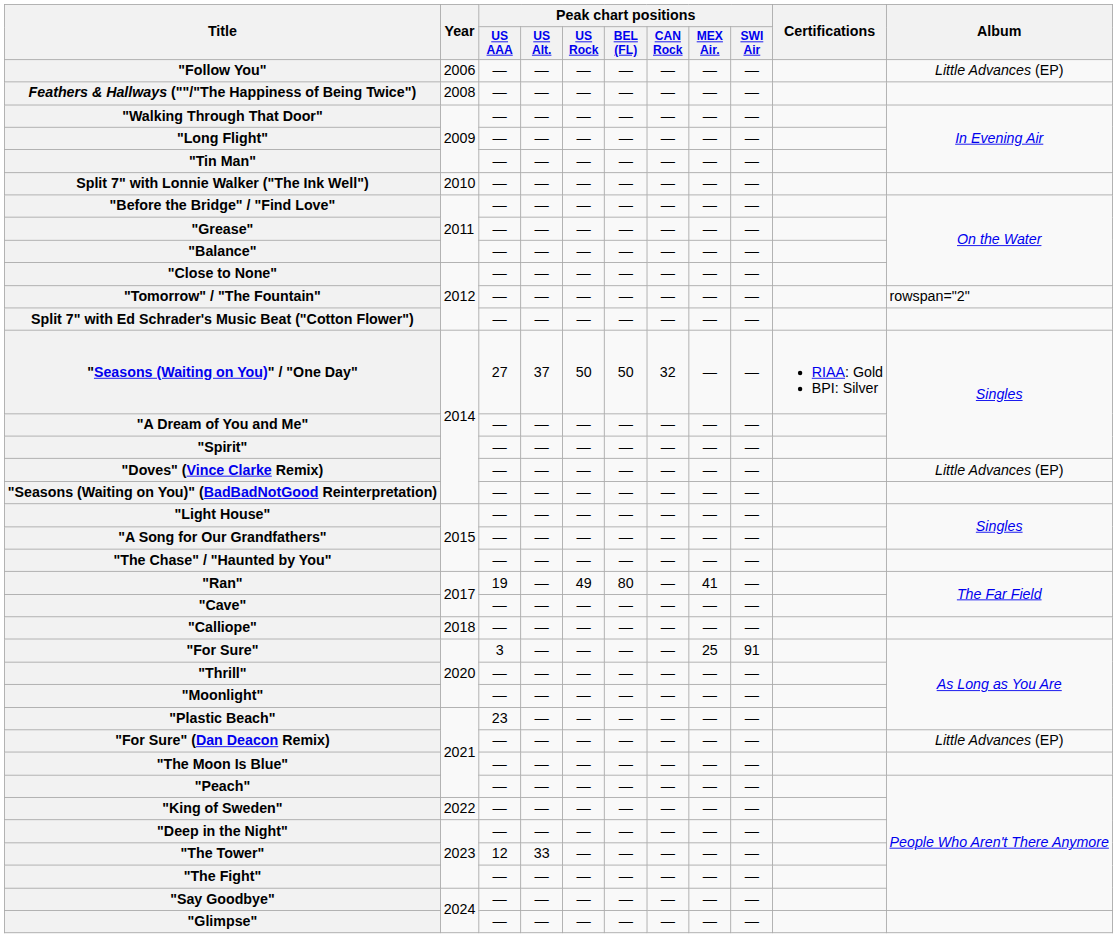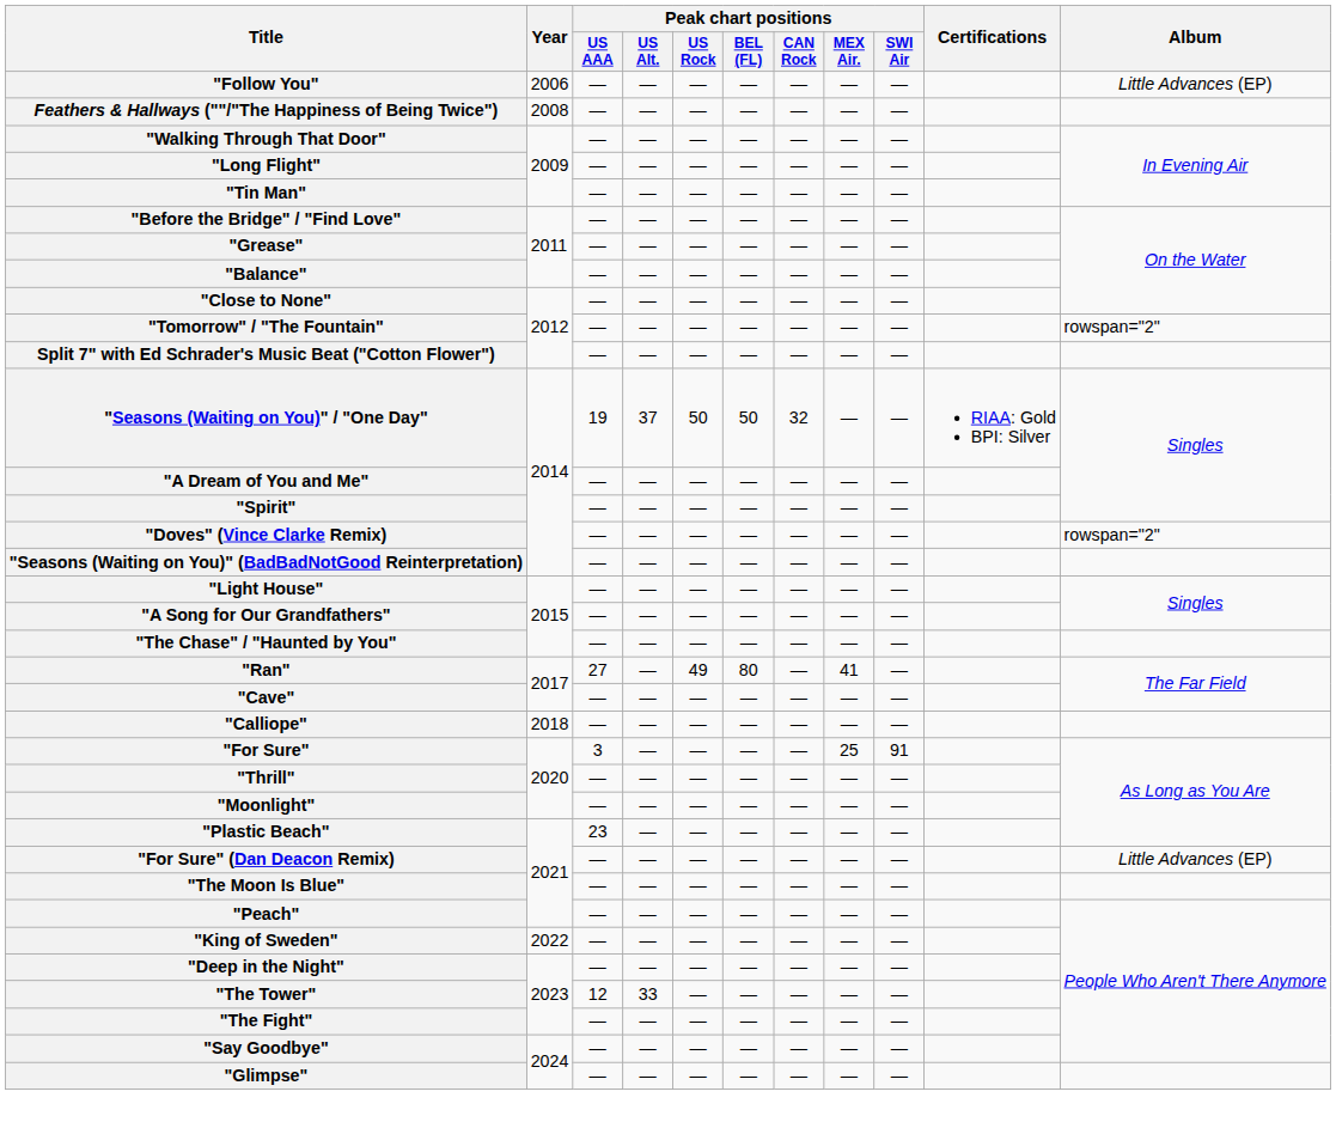 <table class="wikitable plainrowheaders">
 <tr>
 <th scope="col" rowspan="2">Title</th>
 <th scope="col" rowspan="2">Year</th>
 <th scope="col" colspan="7">Peak chart positions</th>
 <th scope="col" rowspan="2">Certifications</th>
 <th scope="col" rowspan="2">Album</th>
 </tr>
 <tr>
 <th scope="col" style="width:3em;font-size:85%"><a href='#'>US<br>AAA</a><br></th>
 <th scope="col" style="width:3em;font-size:85%"><a href='#'>US<br>Alt.</a><br></th>
 <th scope="col" style="width:3em;font-size:85%"><a href='#'>US<br>Rock</a><br></th>
 <th scope="col" style="width:3em;font-size:85%"><a href='#'>BEL<br>(FL)</a><br></th>
 <th scope="col" style="width:3em;font-size:85%"><a href='#'>CAN<br>Rock</a><br></th>
 <th scope="col" style="width:3em;font-size:85%"><a href='#'>MEX<br> Air.</a><br></th>
 <th scope="col" style="width:3em;font-size:85%"><a href='#'>SWI<br>Air</a><br></th>
 </tr>
 <tr>
 <th scope="row">"Follow You"</th>
 <td>2006</td>
 <td align="center">—</td>
 <td align="center">—</td>
 <td align="center">—</td>
 <td align="center">—</td>
 <td align="center">—</td>
 <td align="center">—</td>
 <td align="center">—</td>
 <td></td>
 <td align="center"><em>Little Advances</em> (EP)</td>
 </tr>
 <tr>
 <th scope="row"><em>Feathers & Hallways</em> (""/"The Happiness of Being Twice")</th>
 <td>2008</td>
 <td align="center">—</td>
 <td align="center">—</td>
 <td align="center">—</td>
 <td align="center">—</td>
 <td align="center">—</td>
 <td align="center">—</td>
 <td align="center">—</td>
 <td></td>
 <td></td>
 </tr>
 <tr>
 <th scope="row">"Walking Through That Door"</th>
 <td rowspan="3">2009</td>
 <td align="center">—</td>
 <td align="center">—</td>
 <td align="center">—</td>
 <td align="center">—</td>
 <td align="center">—</td>
 <td align="center">—</td>
 <td align="center">—</td>
 <td></td>
 <td rowspan="3" align="center"><em><a href='#'>In Evening Air</a></em></td>
 </tr>
 <tr>
 <th scope="row">"Long Flight"</th>
 <td align="center">—</td>
 <td align="center">—</td>
 <td align="center">—</td>
 <td align="center">—</td>
 <td align="center">—</td>
 <td align="center">—</td>
 <td align="center">—</td>
 <td></td>
 </tr>
 <tr>
 <th scope="row">"Tin Man"</th>
 <td align="center">—</td>
 <td align="center">—</td>
 <td align="center">—</td>
 <td align="center">—</td>
 <td align="center">—</td>
 <td align="center">—</td>
 <td align="center">—</td>
 <td></td>
 </tr>
 <tr>
-<th scope="row">Split 7" with Lonnie Walker ("The Ink Well")</th>
-<td>2010</td>
-<td align="center">—</td>
-<td align="center">—</td>
-<td align="center">—</td>
-<td align="center">—</td>
-<td align="center">—</td>
-<td align="center">—</td>
-<td align="center">—</td>
-<td></td>
-<td></td>
-</tr>
-<tr>
 <th scope="row">"Before the Bridge" / "Find Love"</th>
 <td rowspan="3">2011</td>
 <td align="center">—</td>
 <td align="center">—</td>
 <td align="center">—</td>
 <td align="center">—</td>
 <td align="center">—</td>
 <td align="center">—</td>
 <td align="center">—</td>
 <td></td>
 <td rowspan="4" align="center"><em><a href='#'>On the Water</a></em></td>
 </tr>
 <tr>
 <th scope="row">"Grease"</th>
 <td align="center">—</td>
 <td align="center">—</td>
 <td align="center">—</td>
 <td align="center">—</td>
 <td align="center">—</td>
 <td align="center">—</td>
 <td align="center">—</td>
 <td></td>
 </tr>
 <tr>
 <th scope="row">"Balance"</th>
 <td align="center">—</td>
 <td align="center">—</td>
 <td align="center">—</td>
 <td align="center">—</td>
 <td align="center">—</td>
 <td align="center">—</td>
 <td align="center">—</td>
 <td></td>
 </tr>
 <tr>
 <th scope="row">"Close to None"</th>
 <td rowspan="3">2012</td>
 <td align="center">—</td>
 <td align="center">—</td>
 <td align="center">—</td>
 <td align="center">—</td>
 <td align="center">—</td>
 <td align="center">—</td>
 <td align="center">—</td>
 <td></td>
 </tr>
 <tr>
 <th scope="row">"Tomorrow" / "The Fountain"</th>
 <td align="center">—</td>
 <td align="center">—</td>
 <td align="center">—</td>
 <td align="center">—</td>
 <td align="center">—</td>
 <td align="center">—</td>
 <td align="center">—</td>
 <td></td>
 <td>rowspan="2" </td>
 </tr>
 <tr>
 <th scope="row">Split 7" with Ed Schrader's Music Beat ("Cotton Flower")</th>
 <td align="center">—</td>
 <td align="center">—</td>
 <td align="center">—</td>
 <td align="center">—</td>
 <td align="center">—</td>
 <td align="center">—</td>
 <td align="center">—</td>
 <td></td>
 </tr>
 <tr>
 <th scope="row">"<a href='#'>Seasons (Waiting on You)</a>" / "One Day"</th>
 <td rowspan="5">2014</td>
-<td align="center">27</td>
+<td align="center">19</td>
 <td align="center">37</td>
 <td align="center">50</td>
 <td align="center">50</td>
 <td align="center">32</td>
 <td align="center">—</td>
 <td align="center">—</td>
 <td><br><ul><li><a href='#'>RIAA</a>: Gold </li><li>BPI: Silver</li></ul></td>
 <td rowspan="3" align="center"><em><a href='#'>Singles</a></em></td>
 </tr>
 <tr>
 <th scope="row">"A Dream of You and Me"</th>
 <td align="center">—</td>
 <td align="center">—</td>
 <td align="center">—</td>
 <td align="center">—</td>
 <td align="center">—</td>
 <td align="center">—</td>
 <td align="center">—</td>
 <td></td>
 </tr>
 <tr>
 <th scope="row">"Spirit"</th>
 <td align="center">—</td>
 <td align="center">—</td>
 <td align="center">—</td>
 <td align="center">—</td>
 <td align="center">—</td>
 <td align="center">—</td>
 <td align="center">—</td>
 <td></td>
 </tr>
 <tr>
 <th scope="row">"Doves" (<a href='#'>Vince Clarke</a> Remix)</th>
 <td align="center">—</td>
 <td align="center">—</td>
 <td align="center">—</td>
 <td align="center">—</td>
 <td align="center">—</td>
 <td align="center">—</td>
 <td align="center">—</td>
 <td></td>
-<td align="center"><em>Little Advances</em> (EP)</td>
+<td>rowspan="2" </td>
 </tr>
 <tr>
 <th scope="row">"Seasons (Waiting on You)" (<a href='#'>BadBadNotGood</a> Reinterpretation)</th>
 <td align="center">—</td>
 <td align="center">—</td>
 <td align="center">—</td>
 <td align="center">—</td>
 <td align="center">—</td>
 <td align="center">—</td>
 <td align="center">—</td>
 <td></td>
 </tr>
 <tr>
 <th scope="row">"Light House"</th>
 <td rowspan="3">2015</td>
 <td align="center">—</td>
 <td align="center">—</td>
 <td align="center">—</td>
 <td align="center">—</td>
 <td align="center">—</td>
 <td align="center">—</td>
 <td align="center">—</td>
 <td></td>
 <td rowspan="2" align="center"><em><a href='#'>Singles</a></em></td>
 </tr>
 <tr>
 <th scope="row">"A Song for Our Grandfathers"</th>
 <td align="center">—</td>
 <td align="center">—</td>
 <td align="center">—</td>
 <td align="center">—</td>
 <td align="center">—</td>
 <td align="center">—</td>
 <td align="center">—</td>
 <td></td>
 </tr>
 <tr>
 <th scope="row">"The Chase" / "Haunted by You"</th>
 <td align="center">—</td>
 <td align="center">—</td>
 <td align="center">—</td>
 <td align="center">—</td>
 <td align="center">—</td>
 <td align="center">—</td>
 <td align="center">—</td>
 <td></td>
 <td></td>
 </tr>
 <tr>
 <th scope="row">"Ran"</th>
 <td rowspan="2">2017</td>
-<td align="center">19</td>
+<td align="center">27</td>
 <td align="center">—</td>
 <td align="center">49</td>
 <td align="center">80</td>
 <td align="center">—</td>
 <td align="center">41</td>
 <td align="center">—</td>
 <td></td>
 <td rowspan="2" align="center"><em><a href='#'>The Far Field</a></em></td>
 </tr>
 <tr>
 <th scope="row">"Cave"</th>
 <td align="center">—</td>
 <td align="center">—</td>
 <td align="center">—</td>
 <td align="center">—</td>
 <td align="center">—</td>
 <td align="center">—</td>
 <td align="center">—</td>
 <td></td>
 </tr>
 <tr>
 <th scope="row">"Calliope"</th>
 <td>2018</td>
 <td align="center">—</td>
 <td align="center">—</td>
 <td align="center">—</td>
 <td align="center">—</td>
 <td align="center">—</td>
 <td align="center">—</td>
 <td align="center">—</td>
 <td></td>
 <td></td>
 </tr>
 <tr>
 <th scope="row">"For Sure"</th>
 <td rowspan="3">2020</td>
 <td align="center">3</td>
 <td align="center">—</td>
 <td align="center">—</td>
 <td align="center">—</td>
 <td align="center">—</td>
 <td align="center">25</td>
 <td align="center">91</td>
 <td></td>
 <td rowspan="4" align="center"><em><a href='#'>As Long as You Are</a></em></td>
 </tr>
 <tr>
 <th scope="row">"Thrill"</th>
 <td align="center">—</td>
 <td align="center">—</td>
 <td align="center">—</td>
 <td align="center">—</td>
 <td align="center">—</td>
 <td align="center">—</td>
 <td align="center">—</td>
 <td></td>
 </tr>
 <tr>
 <th scope="row">"Moonlight"</th>
 <td align="center">—</td>
 <td align="center">—</td>
 <td align="center">—</td>
 <td align="center">—</td>
 <td align="center">—</td>
 <td align="center">—</td>
 <td align="center">—</td>
 <td></td>
 </tr>
 <tr>
 <th scope="row">"Plastic Beach"</th>
 <td rowspan="4">2021</td>
 <td align="center">23</td>
 <td align="center">—</td>
 <td align="center">—</td>
 <td align="center">—</td>
 <td align="center">—</td>
 <td align="center">—</td>
 <td align="center">—</td>
 <td></td>
 </tr>
 <tr>
 <th scope="row">"For Sure" (<a href='#'>Dan Deacon</a> Remix)</th>
 <td align="center">—</td>
 <td align="center">—</td>
 <td align="center">—</td>
 <td align="center">—</td>
 <td align="center">—</td>
 <td align="center">—</td>
 <td align="center">—</td>
 <td></td>
 <td align="center"><em>Little Advances</em> (EP)</td>
 </tr>
 <tr>
 <th scope="row">"The Moon Is Blue"</th>
 <td align="center">—</td>
 <td align="center">—</td>
 <td align="center">—</td>
 <td align="center">—</td>
 <td align="center">—</td>
 <td align="center">—</td>
 <td align="center">—</td>
 <td></td>
 </tr>
 <tr>
 <th scope="row">"Peach"</th>
 <td align="center">—</td>
 <td align="center">—</td>
 <td align="center">—</td>
 <td align="center">—</td>
 <td align="center">—</td>
 <td align="center">—</td>
 <td align="center">—</td>
 <td></td>
 <td rowspan="6" align="center"><em><a href='#'>People Who Aren't There Anymore</a></em></td>
 </tr>
 <tr>
 <th scope="row">"King of Sweden"</th>
 <td>2022</td>
 <td align="center">—</td>
 <td align="center">—</td>
 <td align="center">—</td>
 <td align="center">—</td>
 <td align="center">—</td>
 <td align="center">—</td>
 <td align="center">—</td>
 <td></td>
 </tr>
 <tr>
 <th scope="row">"Deep in the Night"</th>
 <td rowspan="3">2023</td>
 <td align="center">—</td>
 <td align="center">—</td>
 <td align="center">—</td>
 <td align="center">—</td>
 <td align="center">—</td>
 <td align="center">—</td>
 <td align="center">—</td>
 <td></td>
 </tr>
 <tr>
 <th scope="row">"The Tower"</th>
 <td align="center">12</td>
 <td align="center">33</td>
 <td align="center">—</td>
 <td align="center">—</td>
 <td align="center">—</td>
 <td align="center">—</td>
 <td align="center">—</td>
 <td></td>
 </tr>
 <tr>
 <th scope="row">"The Fight"</th>
 <td align="center">—</td>
 <td align="center">—</td>
 <td align="center">—</td>
 <td align="center">—</td>
 <td align="center">—</td>
 <td align="center">—</td>
 <td align="center">—</td>
 <td></td>
 </tr>
 <tr>
 <th scope="row">"Say Goodbye"</th>
 <td rowspan="2">2024</td>
 <td align="center">—</td>
 <td align="center">—</td>
 <td align="center">—</td>
 <td align="center">—</td>
 <td align="center">—</td>
 <td align="center">—</td>
 <td align="center">—</td>
 <td></td>
 </tr>
 <tr>
 <th scope="row">"Glimpse"</th>
 <td align="center">—</td>
 <td align="center">—</td>
 <td align="center">—</td>
 <td align="center">—</td>
 <td align="center">—</td>
 <td align="center">—</td>
 <td align="center">—</td>
 <td></td>
 <td></td>
 </tr>
 </table>
